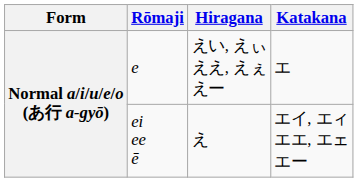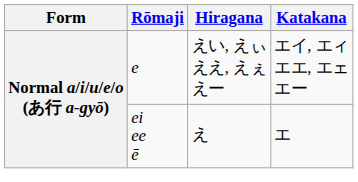 <table class="wikitable">
 <tr>
 <th>Form</th>
 <th><a href='#'>Rōmaji</a></th>
 <th><a href='#'>Hiragana</a></th>
 <th><a href='#'>Katakana</a></th>
 </tr>
 <tr>
 <th rowspan="2">Normal <em>a</em>/<em>i</em>/<em>u</em>/<em>e</em>/<em>o</em><br>(あ行 <em>a-gyō</em>)</th>
 <td><em>e</em></td>
 <td>えい, えぃ<br>ええ, えぇ<br>えー</td>
-<td>エ</td>
+<td>エイ, エィ<br>エエ, エェ<br>エー</td>
 </tr>
 <tr>
 <td><em>ei</em><br><em>ee</em><br><em>ē</em></td>
 <td>え</td>
-<td>エイ, エィ<br>エエ, エェ<br>エー</td>
+<td>エ</td>
 </tr>
 </table>
